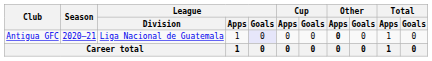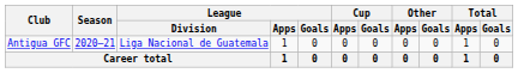 <table class="wikitable" style="text-align: center;">
 <tr>
 <th rowspan=2>Club</th>
 <th rowspan=2>Season</th>
 <th colspan=3>League</th>
 <th colspan=2>Cup</th>
 <th colspan=2>Other</th>
 <th colspan=2>Total</th>
 </tr>
 <tr>
 <th>Division</th>
 <th>Apps</th>
 <th>Goals</th>
 <th>Apps</th>
 <th>Goals</th>
 <th>Apps</th>
 <th>Goals</th>
 <th>Apps</th>
 <th>Goals</th>
 </tr>
 <tr>
 <td><a href='#'>Antigua GFC</a></td>
 <td><a href='#'>2020–21</a></td>
 <td><a href='#'>Liga Nacional de Guatemala</a></td>
 <td>1</td>
-<td style="background: lavender;">0</td>
 <td>0</td>
 <td>0</td>
-<td><strong>0</strong></td>
+<td>0</td>
+<td>0</td>
 <td>0</td>
 <td>1</td>
 <td>0</td>
 </tr>
 <tr>
 <th colspan=3>Career total</th>
 <th>1</th>
 <th>0</th>
 <th>0</th>
 <th>0</th>
 <th>0</th>
 <th>0</th>
 <th>1</th>
 <th>0</th>
 </tr>
 </table>
